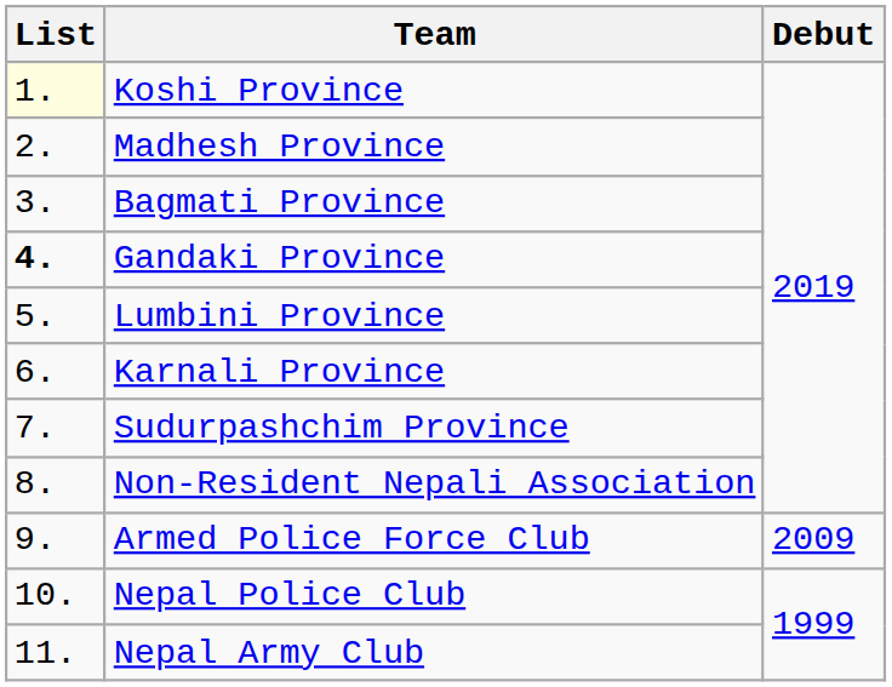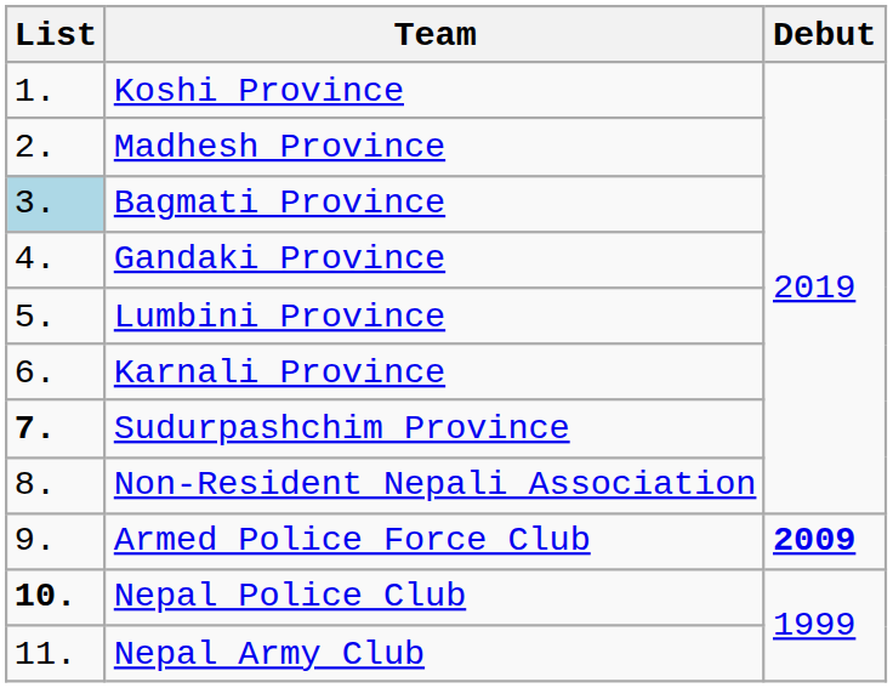 <table class="wikitable">
 <tr>
 <th>List</th>
 <th>Team</th>
 <th>Debut</th>
 </tr>
 <tr>
-<td style="background: lightyellow;">1.</td>
+<td>1.</td>
 <td><a href='#'>Koshi Province</a></td>
 <td rowspan="8"><a href='#'>2019</a></td>
 </tr>
 <tr>
 <td>2.</td>
 <td><a href='#'>Madhesh Province</a></td>
 </tr>
 <tr>
-<td>3.</td>
+<td style="background: lightblue;">3.</td>
 <td><a href='#'>Bagmati Province</a></td>
 </tr>
 <tr>
-<td><strong>4.</strong></td>
+<td>4.</td>
 <td><a href='#'>Gandaki Province</a></td>
 </tr>
 <tr>
 <td>5.</td>
 <td><a href='#'>Lumbini Province</a></td>
 </tr>
 <tr>
 <td>6.</td>
 <td><a href='#'>Karnali Province</a></td>
 </tr>
 <tr>
-<td>7.</td>
+<td><strong>7.</strong></td>
 <td><a href='#'>Sudurpashchim Province</a></td>
 </tr>
 <tr>
 <td>8.</td>
 <td><a href='#'>Non-Resident Nepali Association</a></td>
 </tr>
 <tr>
 <td>9.</td>
 <td><a href='#'>Armed Police Force Club</a></td>
-<td><a href='#'>2009</a></td>
+<td><strong><a href='#'>2009</a></strong></td>
 </tr>
 <tr>
-<td>10.</td>
+<td><strong>10.</strong></td>
 <td><a href='#'>Nepal Police Club</a></td>
 <td rowspan="2"><a href='#'>1999</a></td>
 </tr>
 <tr>
 <td>11.</td>
 <td><a href='#'>Nepal Army Club</a></td>
 </tr>
 </table>
